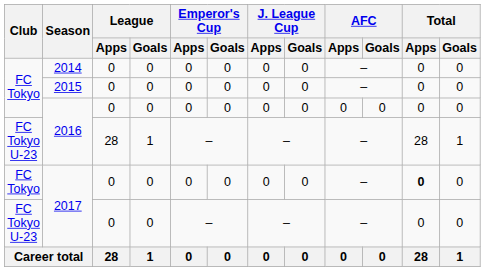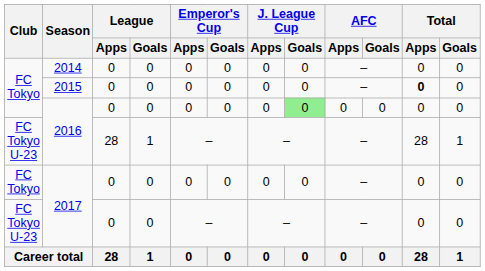 <table class="wikitable" style="text-align:center;">
 <tr>
 <th rowspan="2">Club</th>
 <th rowspan="2">Season</th>
 <th colspan="2">League</th>
 <th colspan="2"><a href='#'>Emperor's Cup</a></th>
 <th colspan="2"><a href='#'>J. League Cup</a></th>
 <th colspan="2"><a href='#'>AFC</a></th>
 <th colspan="2">Total</th>
 </tr>
 <tr>
 <th>Apps</th>
 <th>Goals</th>
 <th>Apps</th>
 <th>Goals</th>
 <th>Apps</th>
 <th>Goals</th>
 <th>Apps</th>
 <th>Goals</th>
 <th>Apps</th>
 <th>Goals</th>
 </tr>
 <tr>
 <td rowspan="3"><a href='#'>FC Tokyo</a></td>
 <td><a href='#'>2014</a></td>
 <td>0</td>
 <td>0</td>
 <td>0</td>
 <td>0</td>
 <td>0</td>
 <td>0</td>
 <td colspan="2">–</td>
 <td>0</td>
 <td>0</td>
 </tr>
 <tr>
 <td><a href='#'>2015</a></td>
 <td>0</td>
 <td>0</td>
 <td>0</td>
 <td>0</td>
 <td>0</td>
 <td>0</td>
 <td colspan="2">–</td>
-<td>0</td>
+<td><strong>0</strong></td>
 <td>0</td>
 </tr>
 <tr>
 <td rowspan="2"><a href='#'>2016</a></td>
 <td>0</td>
 <td>0</td>
 <td>0</td>
 <td>0</td>
 <td>0</td>
-<td>0</td>
+<td style="background: lightgreen;">0</td>
 <td>0</td>
 <td>0</td>
 <td>0</td>
 <td>0</td>
 </tr>
 <tr>
 <td><a href='#'>FC Tokyo U-23</a></td>
 <td>28</td>
 <td>1</td>
 <td colspan="2">–</td>
 <td colspan="2">–</td>
 <td colspan="2">–</td>
 <td>28</td>
 <td>1</td>
 </tr>
 <tr>
 <td><a href='#'>FC Tokyo</a></td>
 <td rowspan="2"><a href='#'>2017</a></td>
 <td>0</td>
 <td>0</td>
 <td>0</td>
 <td>0</td>
 <td>0</td>
 <td>0</td>
 <td colspan="2">–</td>
-<td><strong>0</strong></td>
+<td>0</td>
 <td>0</td>
 </tr>
 <tr>
 <td><a href='#'>FC Tokyo U-23</a></td>
 <td>0</td>
 <td>0</td>
 <td colspan="2">–</td>
 <td colspan="2">–</td>
 <td colspan="2">–</td>
 <td>0</td>
 <td>0</td>
 </tr>
 <tr>
 <th colspan="2">Career total</th>
 <th>28</th>
 <th>1</th>
 <th>0</th>
 <th>0</th>
 <th>0</th>
 <th>0</th>
 <th>0</th>
 <th>0</th>
 <th>28</th>
 <th>1</th>
 </tr>
 </table>
